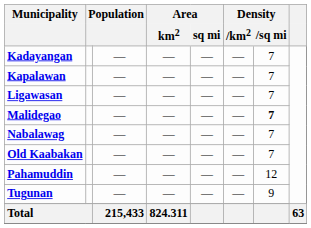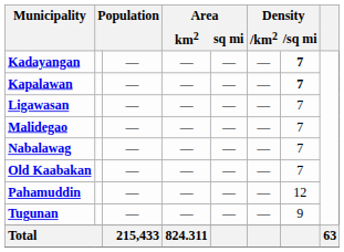 <table class="wikitable sortable" style="background-color:#FDFDFD;text-align:center;font-size:90%;border:1pt solid grey;">
 <tr>
 <th scope="col" style="border-bottom:none;" class="unsortable">Municipality</th>
 <th scope="col" style="border-bottom:none;white-space:nowrap;" class="unsortable" colspan=2>Population </th>
 <th scope="col" style="border-bottom:none;" colspan=2>Area</th>
 <th scope="col" style="border-bottom:none;" colspan=2>Density</th>
 <th scope="col" style="border-bottom:none;" class="unsortable"></th>
 </tr>
 <tr>
 <th scope="col" style="border-top:none;"></th>
 <th scope="col" style="border-top:none;" colspan=2></th>
 <th scope="col" style="border-style:none none solid solid;">km<sup>2</sup></th>
 <th scope="col" style="border-style:none solid solid none;white-space:nowrap;" class="unsortable">sq mi</th>
 <th scope="col" style="border-style:none none solid solid;">/km<sup>2</sup></th>
 <th scope="col" style="border-style:none solid solid none;white-space:nowrap;" class="unsortable">/sq mi</th>
 <th scope="col" style="border-top:none;"></th>
 </tr>
 <tr>
 <th scope="row" style="text-align:left;background-color:initial;"><a href='#'>Kadayangan</a></th>
 <td></td>
 <td>—</td>
 <td>—</td>
 <td>—</td>
 <td>—</td>
-<td>7</td>
+<td><strong>7</strong></td>
 </tr>
 <tr>
 <th scope="row" style="text-align:left;background-color:initial;"><a href='#'>Kapalawan</a></th>
 <td></td>
 <td>—</td>
 <td>—</td>
 <td>—</td>
 <td>—</td>
-<td>7</td>
+<td><strong>7</strong></td>
 </tr>
 <tr>
 <th scope="row" style="text-align:left;background-color:initial;"><a href='#'>Ligawasan</a></th>
 <td></td>
 <td>—</td>
 <td>—</td>
 <td>—</td>
 <td>—</td>
 <td>7</td>
 </tr>
 <tr>
 <th scope="row" style="text-align:left;background-color:initial;"><a href='#'>Malidegao</a></th>
 <td></td>
 <td>—</td>
 <td>—</td>
 <td>—</td>
 <td>—</td>
-<td><strong>7</strong></td>
+<td>7</td>
 </tr>
 <tr>
 <th scope="row" style="text-align:left;background-color:initial;"><a href='#'>Nabalawag</a></th>
 <td></td>
 <td>—</td>
 <td>—</td>
 <td>—</td>
 <td>—</td>
 <td>7</td>
 </tr>
 <tr>
 <th scope="row" style="text-align:left;background-color:initial;"><a href='#'>Old Kaabakan</a></th>
 <td></td>
 <td>—</td>
 <td>—</td>
 <td>—</td>
 <td>—</td>
 <td>7</td>
 </tr>
 <tr>
 <th scope="row" style="text-align:left;background-color:initial;"><a href='#'>Pahamuddin</a></th>
 <td></td>
 <td>—</td>
 <td>—</td>
 <td>—</td>
 <td>—</td>
 <td>12</td>
 </tr>
 <tr>
 <th scope="row" style="text-align:left;background-color:initial;"><a href='#'>Tugunan</a></th>
 <td></td>
 <td>—</td>
 <td>—</td>
 <td>—</td>
 <td>—</td>
 <td>9</td>
 </tr>
 <tr>
 </tr>
 <tr class="sortbottom">
 <th scope="row" colspan=2 style="text-align:left;">Total</th>
 <th scope="col" style="text-align:right;" style="text-align:right;">215,433</th>
 <th scope="col" style="text-align:right;">824.311</th>
 <th scope="col"></th>
 <th scope="col" style="text-align:right;"></th>
 <th scope="col" style="text-align:right;"></th>
 <th scope="col">63</th>
 </tr>
 <tr>
 </tr>
 </table>
